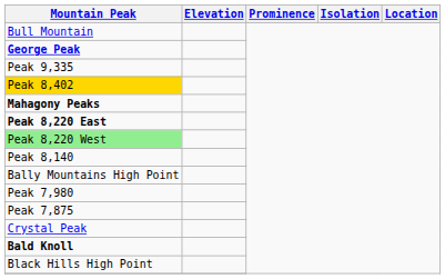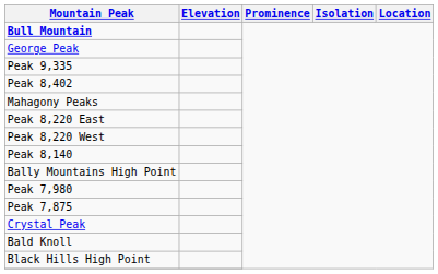 <table class="wikitable sortable">
 <tr>
 <th><a href='#'>Mountain Peak</a></th>
 <th><a href='#'>Elevation</a></th>
 <th><a href='#'>Prominence</a></th>
 <th><a href='#'>Isolation</a></th>
 <th><a href='#'>Location</a></th>
 </tr>
 <tr>
-<td><a href='#'>Bull Mountain</a><br></td>
+<td><strong><a href='#'>Bull Mountain</a><br></strong></td>
 <td></td>
 </tr>
 <tr>
-<td><strong><a href='#'>George Peak</a><br></strong></td>
+<td><a href='#'>George Peak</a><br></td>
 <td></td>
 </tr>
 <tr>
 <td>Peak 9,335<br></td>
 <td></td>
 </tr>
 <tr>
-<td style="background: gold;">Peak 8,402<br></td>
+<td>Peak 8,402<br></td>
 <td></td>
 </tr>
 <tr>
-<td><strong>Mahagony Peaks<br></strong></td>
+<td>Mahagony Peaks<br></td>
 <td></td>
 </tr>
 <tr>
-<td><strong>Peak 8,220 East<br></strong></td>
+<td>Peak 8,220 East<br></td>
 <td></td>
 </tr>
 <tr>
-<td style="background: lightgreen;">Peak 8,220 West<br></td>
+<td>Peak 8,220 West<br></td>
 <td></td>
 </tr>
 <tr>
 <td>Peak 8,140<br></td>
 <td></td>
 </tr>
 <tr>
 <td>Bally Mountains High Point<br></td>
 <td></td>
 </tr>
 <tr>
 <td>Peak 7,980<br></td>
 <td></td>
 </tr>
 <tr>
 <td>Peak 7,875<br></td>
 <td></td>
 </tr>
 <tr>
 <td><a href='#'>Crystal Peak</a><br></td>
 <td></td>
 </tr>
 <tr>
-<td><strong>Bald Knoll<br></strong></td>
+<td>Bald Knoll<br></td>
 <td></td>
 </tr>
 <tr>
 <td>Black Hills High Point<br></td>
 <td></td>
 </tr>
 <tr>
 </tr>
 </table>
